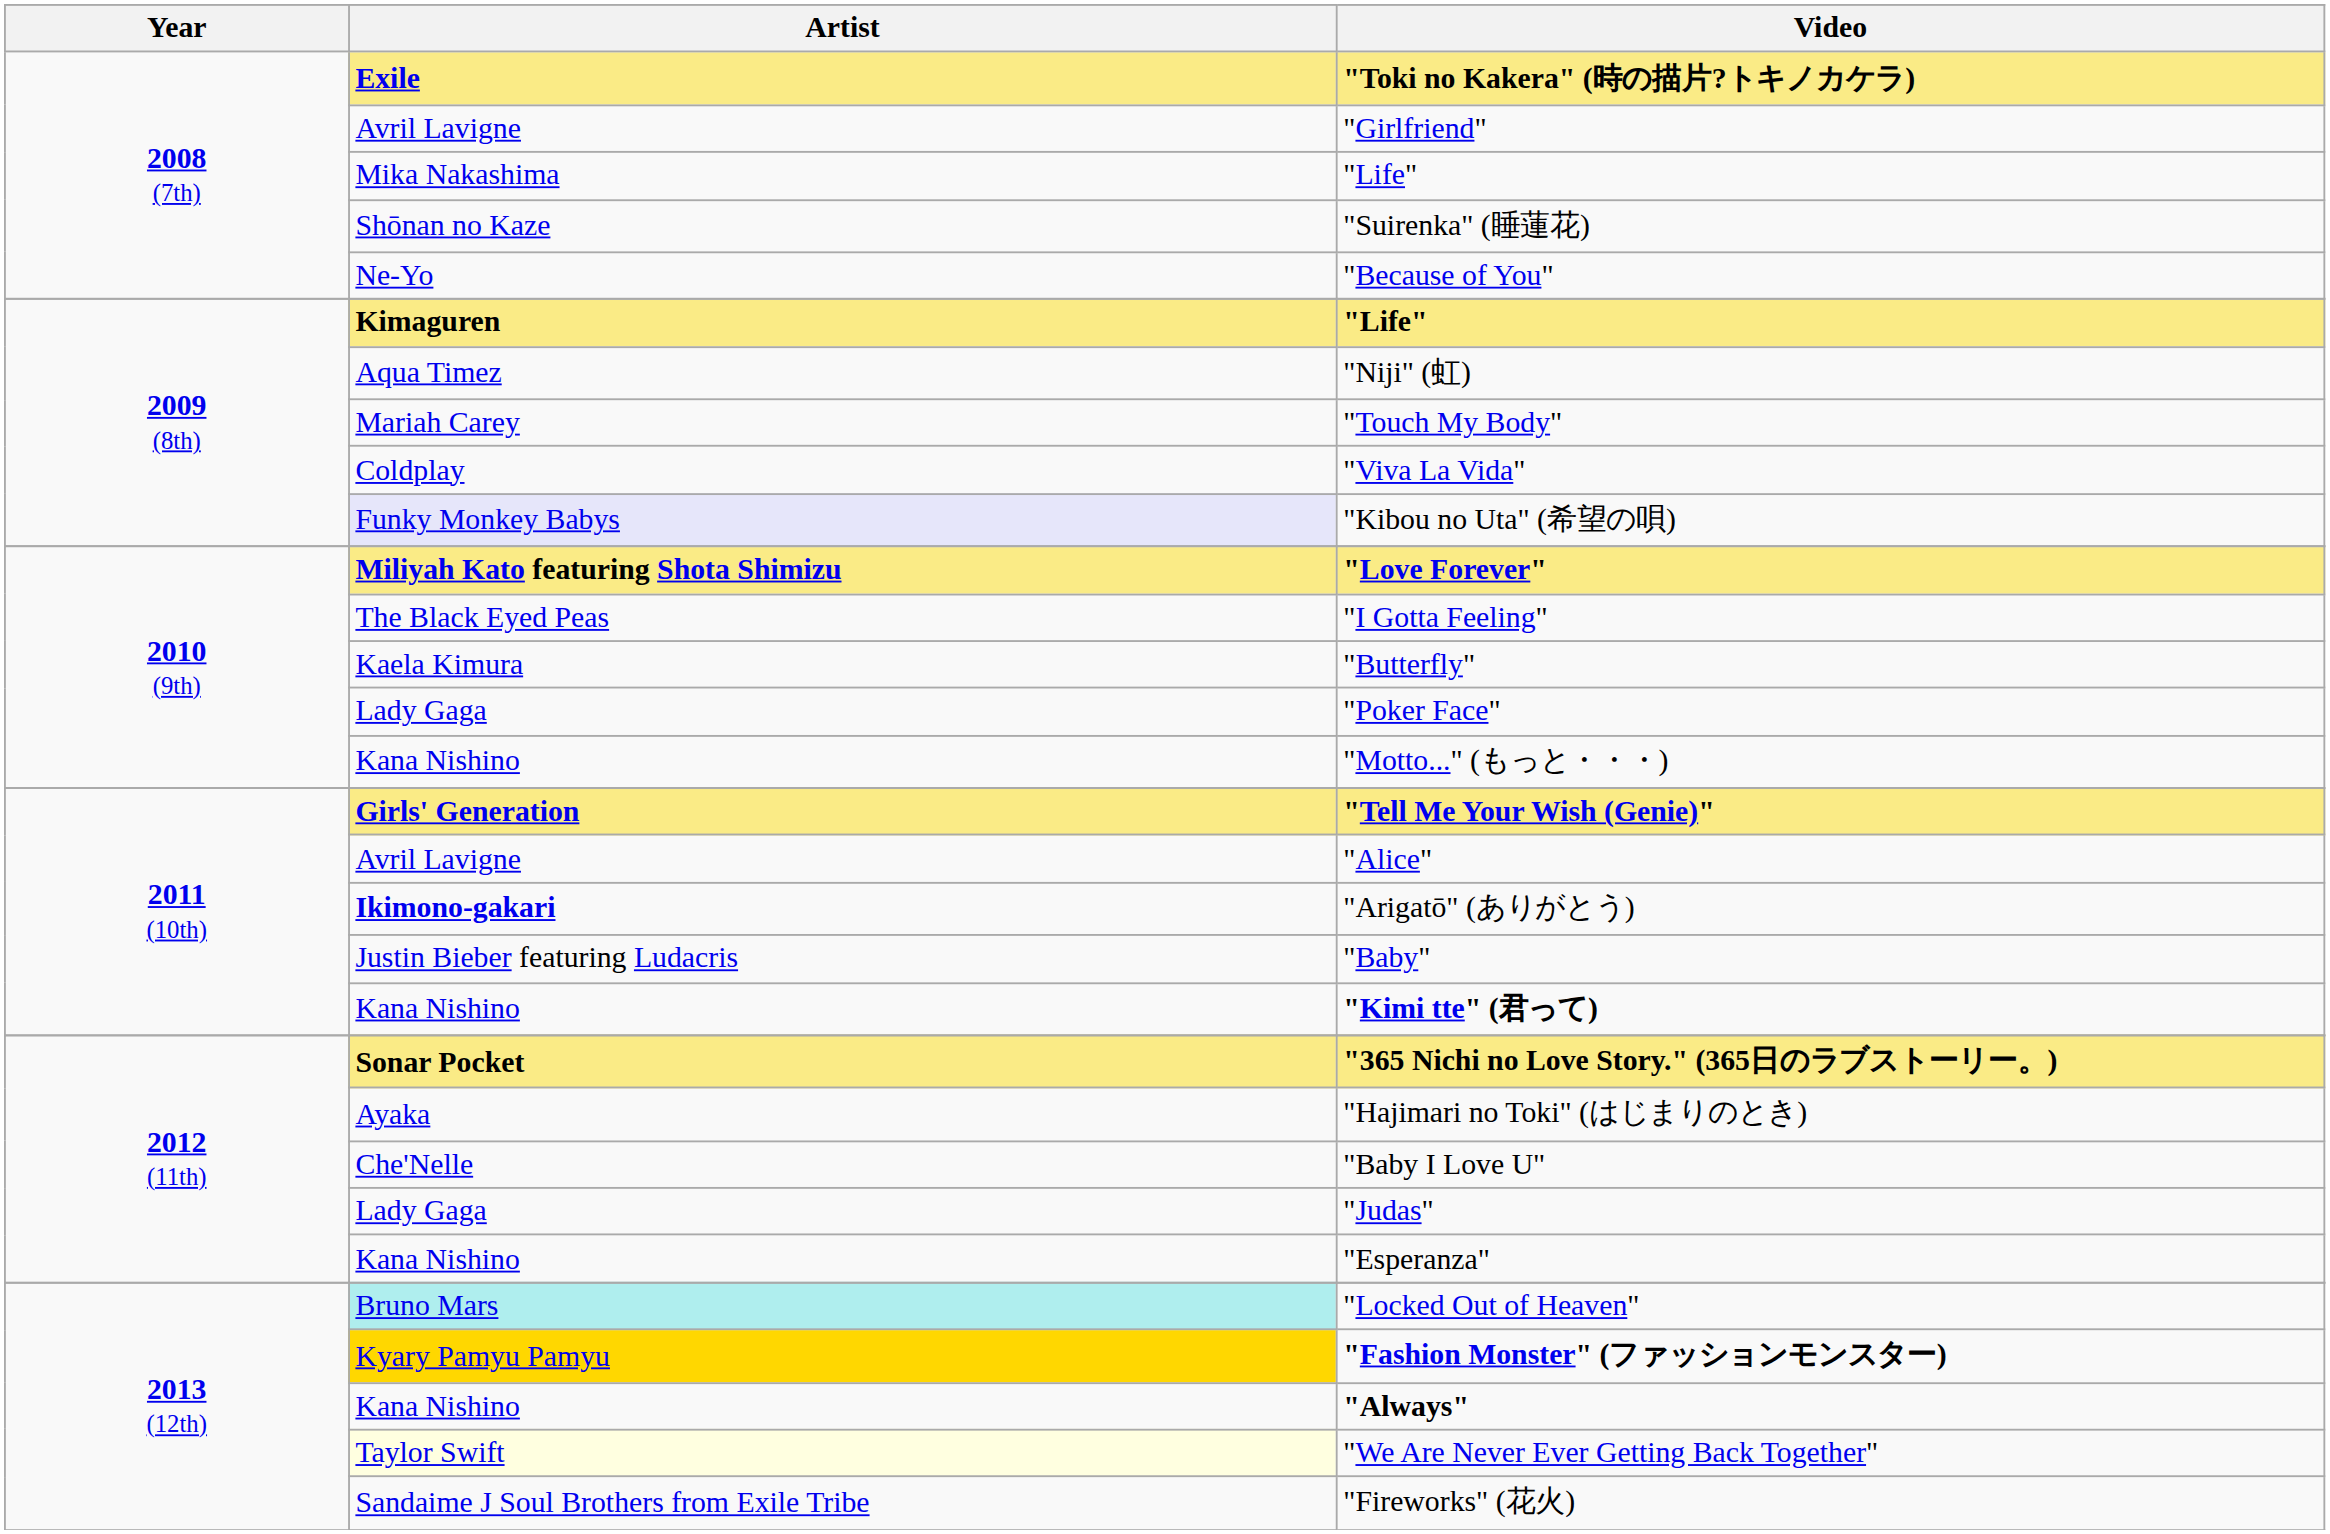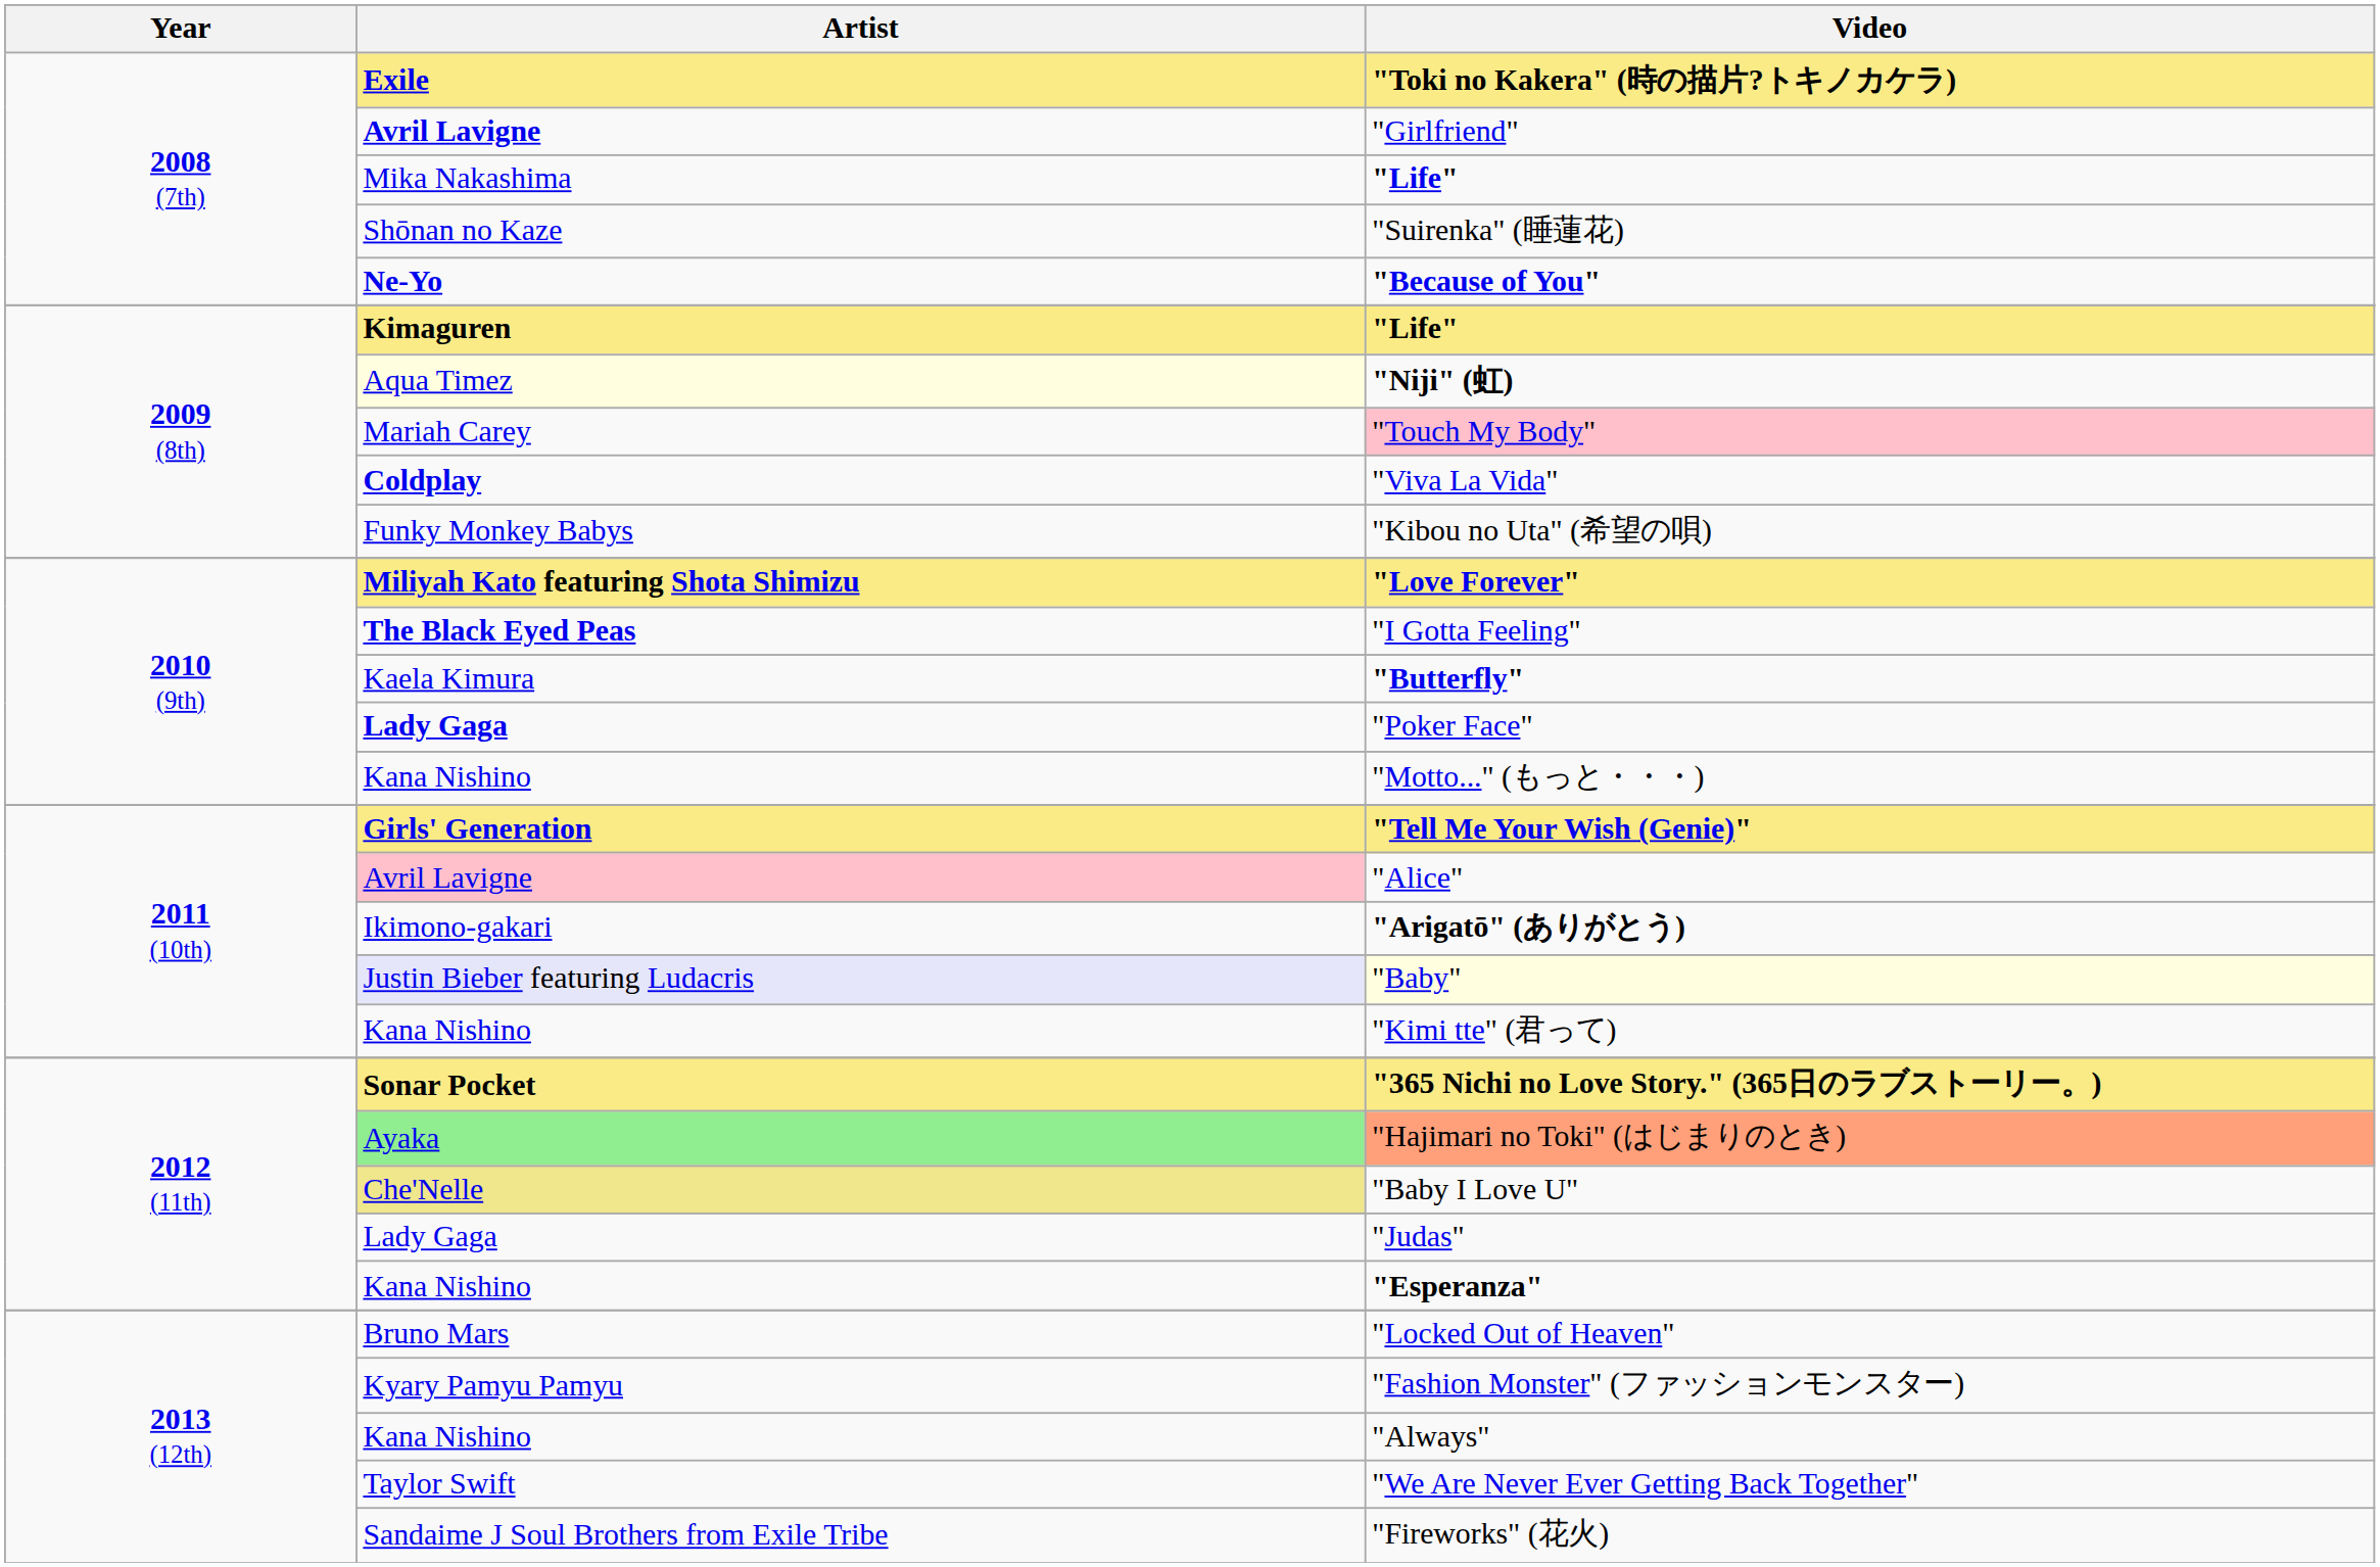 <table class="sortable wikitable">
 <tr>
 <th width="8%">Year</th>
 <th width="23%">Artist</th>
 <th width="23%">Video</th>
 </tr>
 <tr>
 <td rowspan=5 style="text-align:center"><strong><a href='#'>2008</a></strong><br><small><a href='#'>(7th)</a></small></td>
 <td style="background:#FAEB86"><strong><a href='#'>Exile</a></strong></td>
 <td style="background:#FAEB86"><strong>"Toki no Kakera" (時の描片?トキノカケラ)</strong></td>
 </tr>
 <tr>
-<td><a href='#'>Avril Lavigne</a></td>
+<td><strong><a href='#'>Avril Lavigne</a></strong></td>
 <td>"<a href='#'>Girlfriend</a>"</td>
 </tr>
 <tr>
 <td><a href='#'>Mika Nakashima</a></td>
-<td>"<a href='#'>Life</a>"</td>
+<td><strong>"<a href='#'>Life</a>"</strong></td>
 </tr>
 <tr>
 <td><a href='#'>Shōnan no Kaze</a></td>
 <td>"Suirenka" (睡蓮花)</td>
 </tr>
 <tr>
-<td><a href='#'>Ne-Yo</a></td>
-<td>"<a href='#'>Because of You</a>"</td>
+<td><strong><a href='#'>Ne-Yo</a></strong></td>
+<td><strong>"<a href='#'>Because of You</a>"</strong></td>
 </tr>
 <tr>
 </tr>
 <tr>
 <td rowspan=5 style="text-align:center"><strong><a href='#'>2009</a></strong><br><small><a href='#'>(8th)</a></small></td>
 <td style="background:#FAEB86"><strong>Kimaguren</strong></td>
 <td style="background:#FAEB86"><strong>"Life"</strong></td>
 </tr>
 <tr>
-<td><a href='#'>Aqua Timez</a></td>
-<td>"Niji" (虹)</td>
+<td style="background: lightyellow;"><a href='#'>Aqua Timez</a></td>
+<td><strong>"Niji" (虹)</strong></td>
 </tr>
 <tr>
 <td><a href='#'>Mariah Carey</a></td>
-<td>"<a href='#'>Touch My Body</a>"</td>
+<td style="background: pink;">"<a href='#'>Touch My Body</a>"</td>
 </tr>
 <tr>
-<td><a href='#'>Coldplay</a></td>
+<td><strong><a href='#'>Coldplay</a></strong></td>
 <td>"<a href='#'>Viva La Vida</a>"</td>
 </tr>
 <tr>
-<td style="background: lavender;"><a href='#'>Funky Monkey Babys</a></td>
+<td><a href='#'>Funky Monkey Babys</a></td>
 <td>"Kibou no Uta" (希望の唄)</td>
 </tr>
 <tr>
 </tr>
 <tr>
 <td rowspan=5 style="text-align:center"><strong><a href='#'>2010</a></strong><br><small><a href='#'>(9th)</a></small></td>
 <td style="background:#FAEB86"><strong><a href='#'>Miliyah Kato</a> featuring <a href='#'>Shota Shimizu</a></strong></td>
 <td style="background:#FAEB86"><strong>"<a href='#'>Love Forever</a>"</strong></td>
 </tr>
 <tr>
-<td><a href='#'>The Black Eyed Peas</a></td>
+<td><strong><a href='#'>The Black Eyed Peas</a></strong></td>
 <td>"<a href='#'>I Gotta Feeling</a>"</td>
 </tr>
 <tr>
 <td><a href='#'>Kaela Kimura</a></td>
-<td>"<a href='#'>Butterfly</a>"</td>
+<td><strong>"<a href='#'>Butterfly</a>"</strong></td>
 </tr>
 <tr>
-<td><a href='#'>Lady Gaga</a></td>
+<td><strong><a href='#'>Lady Gaga</a></strong></td>
 <td>"<a href='#'>Poker Face</a>"</td>
 </tr>
 <tr>
 <td><a href='#'>Kana Nishino</a></td>
 <td>"<a href='#'>Motto...</a>" (もっと・・・)</td>
 </tr>
 <tr>
 </tr>
 <tr>
 <td rowspan=6 style="text-align:center"><strong><a href='#'>2011</a></strong><br><small><a href='#'>(10th)</a></small></td>
 </tr>
 <tr>
 <td style="background:#FAEB86"><strong><a href='#'>Girls' Generation</a></strong></td>
 <td style="background:#FAEB86"><strong>"<a href='#'>Tell Me Your Wish (Genie)</a>"</strong></td>
 </tr>
 <tr>
-<td><a href='#'>Avril Lavigne</a></td>
+<td style="background: pink;"><a href='#'>Avril Lavigne</a></td>
 <td>"<a href='#'>Alice</a>"</td>
 </tr>
 <tr>
-<td><strong><a href='#'>Ikimono-gakari</a></strong></td>
-<td>"Arigatō" (ありがとう)</td>
+<td><a href='#'>Ikimono-gakari</a></td>
+<td><strong>"Arigatō" (ありがとう)</strong></td>
 </tr>
 <tr>
-<td><a href='#'>Justin Bieber</a> featuring <a href='#'>Ludacris</a></td>
-<td>"<a href='#'>Baby</a>"</td>
+<td style="background: lavender;"><a href='#'>Justin Bieber</a> featuring <a href='#'>Ludacris</a></td>
+<td style="background: lightyellow;">"<a href='#'>Baby</a>"</td>
 </tr>
 <tr>
 <td><a href='#'>Kana Nishino</a></td>
-<td><strong>"<a href='#'>Kimi tte</a>" (君って)</strong></td>
+<td>"<a href='#'>Kimi tte</a>" (君って)</td>
 </tr>
 <tr>
 </tr>
 <tr>
 <td rowspan=5 style="text-align:center"><strong><a href='#'>2012</a></strong><br><small><a href='#'>(11th)</a></small></td>
 <td style="background:#FAEB86"><strong>Sonar Pocket</strong></td>
 <td style="background:#FAEB86"><strong>"365 Nichi no Love Story." (365日のラブストーリー。)</strong></td>
 </tr>
 <tr>
-<td><a href='#'>Ayaka</a></td>
-<td>"Hajimari no Toki" (はじまりのとき)</td>
+<td style="background: lightgreen;"><a href='#'>Ayaka</a></td>
+<td style="background: lightsalmon;">"Hajimari no Toki" (はじまりのとき)</td>
 </tr>
 <tr>
-<td><a href='#'>Che'Nelle</a></td>
+<td style="background: khaki;"><a href='#'>Che'Nelle</a></td>
 <td>"Baby I Love U"</td>
 </tr>
 <tr>
 <td><a href='#'>Lady Gaga</a></td>
 <td>"<a href='#'>Judas</a>"</td>
 </tr>
 <tr>
 <td><a href='#'>Kana Nishino</a></td>
-<td>"Esperanza"</td>
+<td><strong>"Esperanza"</strong></td>
 </tr>
 <tr>
 </tr>
 <tr>
 <td rowspan=5 style="text-align:center"><strong><a href='#'>2013</a></strong><br><small><a href='#'>(12th)</a></small></td>
-<td style="background: paleturquoise;"><a href='#'>Bruno Mars</a></td>
+<td><a href='#'>Bruno Mars</a></td>
 <td>"<a href='#'>Locked Out of Heaven</a>"</td>
 </tr>
 <tr>
-<td style="background: gold;"><a href='#'>Kyary Pamyu Pamyu</a></td>
-<td><strong>"<a href='#'>Fashion Monster</a>" (ファッションモンスター)</strong></td>
+<td><a href='#'>Kyary Pamyu Pamyu</a></td>
+<td>"<a href='#'>Fashion Monster</a>" (ファッションモンスター)</td>
 </tr>
 <tr>
 <td><a href='#'>Kana Nishino</a></td>
-<td><strong>"Always"</strong></td>
+<td>"Always"</td>
 </tr>
 <tr>
-<td style="background: lightyellow;"><a href='#'>Taylor Swift</a></td>
+<td><a href='#'>Taylor Swift</a></td>
 <td>"<a href='#'>We Are Never Ever Getting Back Together</a>"</td>
 </tr>
 <tr>
 <td><a href='#'>Sandaime J Soul Brothers from Exile Tribe</a></td>
 <td>"Fireworks" (花火)</td>
 </tr>
 </table>
